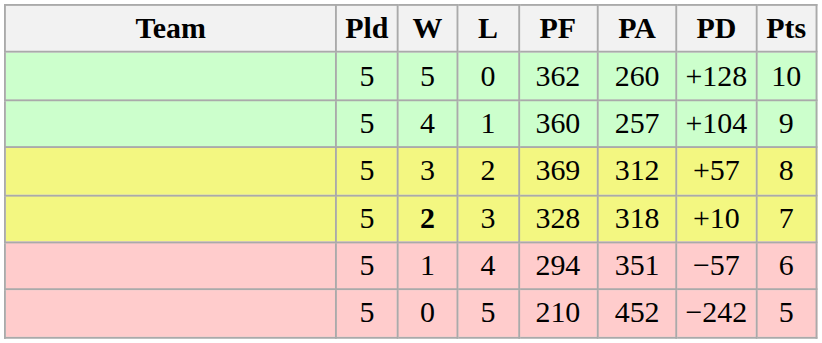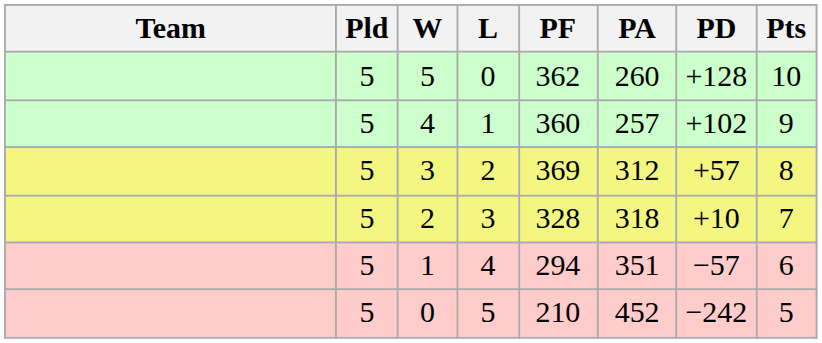 <table class="wikitable" style="text-align:center;">
 <tr>
 <th width=170>Team</th>
 <th width=25>Pld</th>
 <th width=25>W</th>
 <th width=25>L</th>
 <th width=35>PF</th>
 <th width=35>PA</th>
 <th width=35>PD</th>
 <th width=25>Pts</th>
 </tr>
 <tr style="background:#ccffcc">
 <td style="text-align:left"></td>
 <td>5</td>
 <td>5</td>
 <td>0</td>
 <td>362</td>
 <td>260</td>
 <td>+128</td>
 <td>10</td>
 </tr>
 <tr style="background:#ccffcc">
 <td style="text-align:left"></td>
 <td>5</td>
 <td>4</td>
 <td>1</td>
 <td>360</td>
 <td>257</td>
-<td>+104</td>
+<td>+102</td>
 <td>9</td>
 </tr>
 <tr style="background:#F3F781">
 <td style="text-align:left"></td>
 <td>5</td>
 <td>3</td>
 <td>2</td>
 <td>369</td>
 <td>312</td>
 <td>+57</td>
 <td>8</td>
 </tr>
 <tr style="background:#F3F781">
 <td style="text-align:left"></td>
 <td>5</td>
-<td><strong>2</strong></td>
+<td>2</td>
 <td>3</td>
 <td>328</td>
 <td>318</td>
 <td>+10</td>
 <td>7</td>
 </tr>
 <tr style="background:#ffcccc">
 <td style="text-align:left"></td>
 <td>5</td>
 <td>1</td>
 <td>4</td>
 <td>294</td>
 <td>351</td>
 <td>−57</td>
 <td>6</td>
 </tr>
 <tr style="background:#ffcccc">
 <td style="text-align:left"></td>
 <td>5</td>
 <td>0</td>
 <td>5</td>
 <td>210</td>
 <td>452</td>
 <td>−242</td>
 <td>5</td>
 </tr>
 </table>
